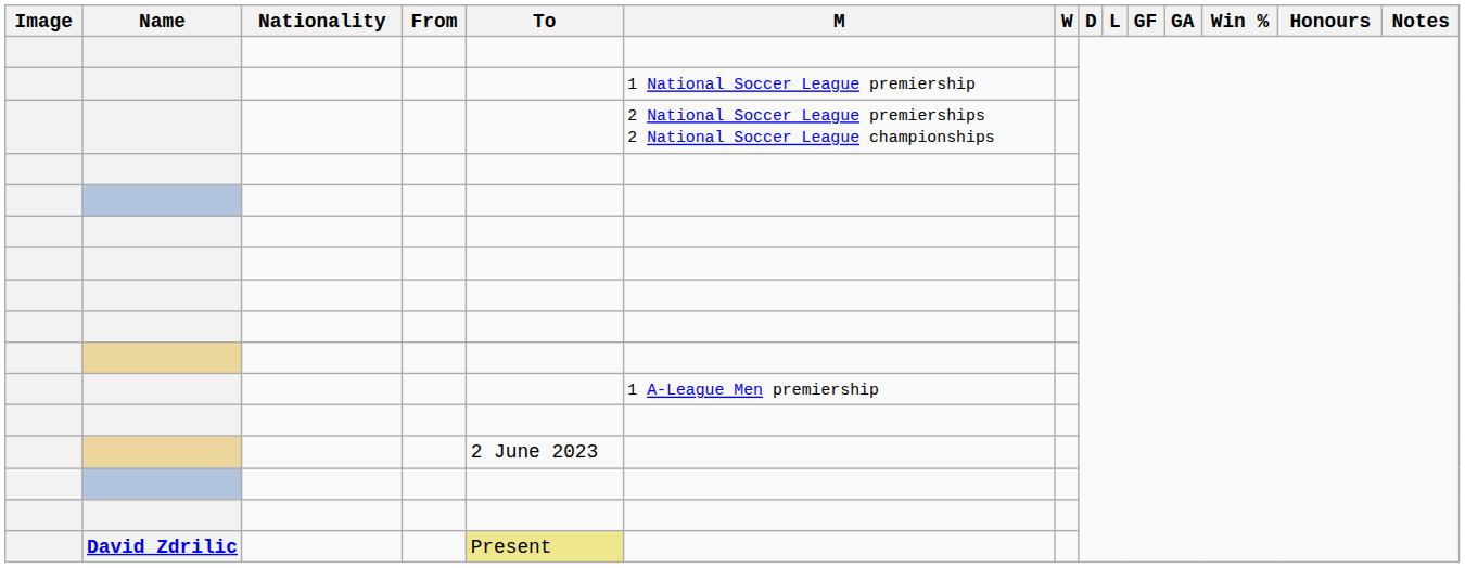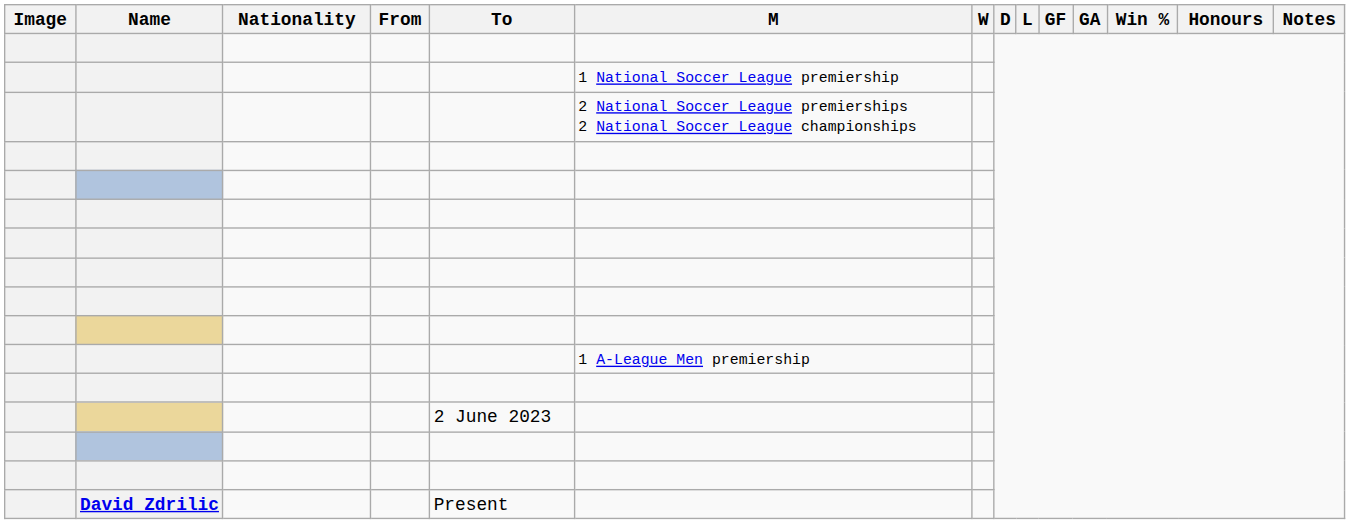 <table class="wikitable plainrowheaders sortable" style="text-align:center">
 <tr>
 <th scope="col">Image</th>
 <th width=11%>Name</th>
 <th width=11%>Nationality</th>
 <th>From</th>
 <th>To</th>
 <th>M</th>
 <th>W</th>
 <th>D</th>
 <th>L</th>
 <th>GF</th>
 <th>GA</th>
 <th>Win %</th>
 <th class="unsortable">Honours</th>
 <th class="unsortable">Notes</th>
 </tr>
 <tr>
 <th></th>
 <th scope=row style=text-align:left></th>
 <td align=left></td>
 <td align=left></td>
 <td align=left><br></td>
 <td></td>
 <td></td>
 </tr>
 <tr>
 <th></th>
 <th scope=row style=text-align:left></th>
 <td align=left></td>
 <td align=left></td>
 <td align=left><br></td>
 <td align=left><small>1 <a href='#'>National Soccer League</a> premiership</small></td>
 <td></td>
 </tr>
 <tr>
 <th></th>
 <th scope=row style=text-align:left></th>
 <td align=left></td>
 <td align=left></td>
 <td align=left><br></td>
 <td align=left><small>2 <a href='#'>National Soccer League</a> premierships</small><br><small>2 <a href='#'>National Soccer League</a> championships</small></td>
 <td></td>
 </tr>
 <tr>
 <th></th>
 <th scope=row style=text-align:left></th>
 <td align=left></td>
 <td align=left></td>
 <td align=left><br></td>
 <td></td>
 <td></td>
 </tr>
 <tr>
 <th></th>
 <th scope=row style=background:#B0C4DE> </th>
 <td align=left></td>
 <td align=left></td>
 <td align=left><br></td>
 <td></td>
 <td></td>
 </tr>
 <tr>
 <th></th>
 <th scope=row style=text-align:left></th>
 <td align=left></td>
 <td align=left></td>
 <td align=left><br></td>
 <td></td>
 <td></td>
 </tr>
 <tr>
 <th></th>
 <th scope=row style=text-align:left></th>
 <td align=left></td>
 <td align=left></td>
 <td align=left><br></td>
 <td></td>
 <td></td>
 </tr>
 <tr>
 <th></th>
 <th scope=row style=text-align:left></th>
 <td align=left></td>
 <td align=left></td>
 <td align=left><br></td>
 <td></td>
 <td></td>
 </tr>
 <tr>
 <th></th>
 <th scope=row style=text-align:left></th>
 <td align=left></td>
 <td align=left></td>
 <td align=left><br></td>
 <td></td>
 <td></td>
 </tr>
 <tr>
 <th></th>
 <th scope=row style=background:#EBD79B> </th>
 <td align=left></td>
 <td align=left></td>
 <td align=left><br></td>
 <td></td>
 <td></td>
 </tr>
 <tr>
 <th></th>
 <th scope=row style=text-align:left></th>
 <td align=left></td>
 <td align=left></td>
 <td align=left><br></td>
 <td align=left><small>1 <a href='#'>A-League Men</a> premiership</small></td>
 <td></td>
 </tr>
 <tr>
 <th></th>
 <th scope=row style=text-align:left></th>
 <td align=left></td>
 <td align=left></td>
 <td align=left><br></td>
 <td></td>
 <td></td>
 </tr>
 <tr>
 <th></th>
 <th scope=row style=background:#EBD79B> </th>
 <td align=left></td>
 <td align=left></td>
 <td align=left>2 June 2023<br></td>
 <td></td>
 <td></td>
 </tr>
 <tr>
 <th></th>
 <th scope=row style=background:#B0C4DE> </th>
 <td align=left></td>
 <td align=left></td>
 <td align=left><br></td>
 <td></td>
 <td></td>
 </tr>
 <tr>
 <th></th>
 <th scope=row style=text-align:left></th>
 <td align=left></td>
 <td align=left></td>
 <td align=left><br></td>
 <td></td>
 <td></td>
 </tr>
 <tr>
 <th></th>
 <th scope=row style=text-align:left><a href='#'>David Zdrilic</a></th>
 <td align=left></td>
 <td align=left></td>
-<td align=left style="background: khaki;">Present<br></td>
+<td align=left>Present<br></td>
 <td></td>
 <td></td>
 </tr>
 </table>
